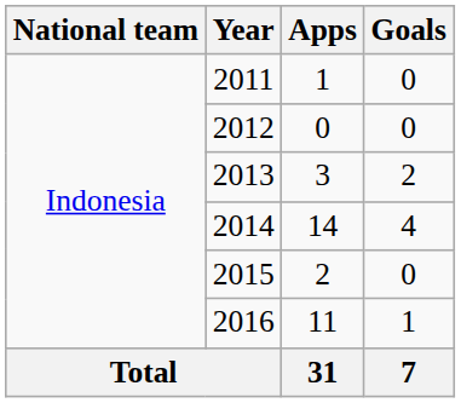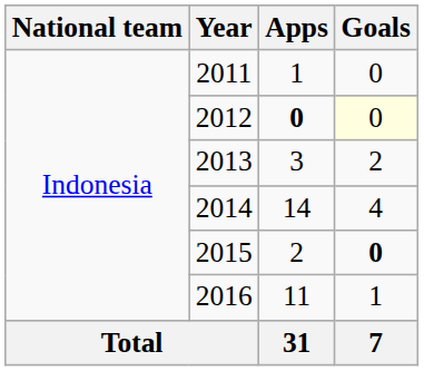 <table class="wikitable" style="text-align:center">
 <tr>
 <th>National team</th>
 <th>Year</th>
 <th>Apps</th>
 <th>Goals</th>
 </tr>
 <tr>
 <td rowspan=6><a href='#'>Indonesia</a></td>
 <td>2011</td>
 <td>1</td>
 <td>0</td>
 </tr>
 <tr>
 <td>2012</td>
-<td>0</td>
-<td>0</td>
+<td><strong>0</strong></td>
+<td style="background: lightyellow;">0</td>
 </tr>
 <tr>
 <td>2013</td>
 <td>3</td>
 <td>2</td>
 </tr>
 <tr>
 <td>2014</td>
 <td>14</td>
 <td>4</td>
 </tr>
 <tr>
 <td>2015</td>
 <td>2</td>
-<td>0</td>
+<td><strong>0</strong></td>
 </tr>
 <tr>
 <td>2016</td>
 <td>11</td>
 <td>1</td>
 </tr>
 <tr>
 <th colspan=2>Total</th>
 <th>31</th>
 <th>7</th>
 </tr>
 </table>
